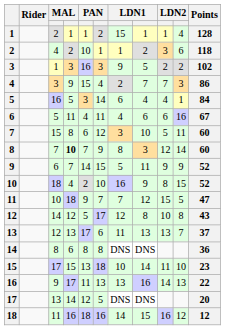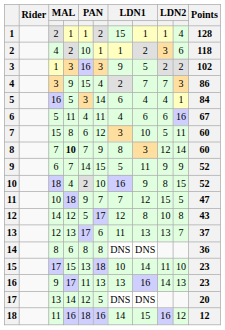 <table class="wikitable plainrowheaders" style="font-size:85%; text-align:center">
 <tr>
 <th rowspan=2 style="vertical-align:middle"></th>
 <th rowspan=2 style="vertical-align:middle">Rider</th>
 <th colspan=2>MAL<br></th>
 <th colspan=2>PAN<br></th>
 <th colspan=2>LDN1<br></th>
 <th colspan=2>LDN2<br></th>
 <th rowspan=2 style="vertical-align:middle">Points</th>
 </tr>
 <tr>
 <th></th>
 <th></th>
 <th></th>
 <th></th>
 <th></th>
 <th></th>
 <th></th>
 <th></th>
 </tr>
 <tr>
 <th>1</th>
 <td style="text-align:left"> </td>
 <td style="background:#DFDFDF;">2</td>
 <td style="background:#FFFFBF;">1</td>
 <td style="background:#FFFFBF;">1</td>
 <td style="background:#DFDFDF;">2</td>
 <td style="background:#dfffdf;">15</td>
 <td style="background:#FFFFBF;">1</td>
 <td style="background:#FFFFBF;">1</td>
 <td style="background:#dfffdf;">4</td>
 <th>128</th>
 </tr>
 <tr>
 <th>2</th>
 <td style="text-align:left"></td>
 <td style="background:#dfffdf;">4</td>
 <td style="background:#DFDFDF;">2</td>
 <td style="background:#dfffdf;">10</td>
 <td style="background:#FFFFBF;">1</td>
 <td style="background:#FFFFBF;">1</td>
 <td style="background:#DFDFDF;">2</td>
 <td style="background:#ffdf9f;">3</td>
 <td style="background:#dfffdf;">6</td>
 <th>118</th>
 </tr>
 <tr>
 <th>3</th>
 <td style="text-align:left"></td>
 <td style="background:#FFFFBF;">1</td>
 <td style="background:#ffdf9f;">3</td>
 <td style="background:#cfcfff;">16</td>
 <td style="background:#ffdf9f;">3</td>
 <td style="background:#dfffdf;">9</td>
 <td style="background:#dfffdf;">5</td>
 <td style="background:#DFDFDF;">2</td>
 <td style="background:#DFDFDF;">2</td>
 <th>102</th>
 </tr>
 <tr>
 <th>4</th>
 <td style="text-align:left"></td>
 <td style="background:#ffdf9f;">3</td>
 <td style="background:#dfffdf;">9</td>
 <td style="background:#dfffdf;">15</td>
 <td style="background:#dfffdf;">4</td>
 <td style="background:#DFDFDF;">2</td>
 <td style="background:#dfffdf;">7</td>
 <td style="background:#dfffdf;">7</td>
 <td style="background:#ffdf9f;">3</td>
 <th>86</th>
 </tr>
 <tr>
 <th>5</th>
 <td style="text-align:left"></td>
 <td style="background:#cfcfff;">16</td>
 <td style="background:#dfffdf;">5</td>
 <td style="background:#ffdf9f;">3</td>
 <td style="background:#dfffdf;">14</td>
 <td style="background:#dfffdf;">6</td>
 <td style="background:#dfffdf;">4</td>
 <td style="background:#dfffdf;">4</td>
 <td style="background:#FFFFBF;">1</td>
 <th>84</th>
 </tr>
 <tr>
 <th>6</th>
 <td style="text-align:left"></td>
 <td style="background:#dfffdf;">5</td>
 <td style="background:#dfffdf;">11</td>
 <td style="background:#dfffdf;">4</td>
 <td style="background:#dfffdf;">11</td>
 <td style="background:#dfffdf;">4</td>
 <td style="background:#dfffdf;">6</td>
 <td style="background:#dfffdf;">6</td>
 <td style="background:#cfcfff;">16</td>
 <th>67</th>
 </tr>
 <tr>
 <th>7</th>
 <td style="text-align:left"></td>
 <td style="background:#dfffdf;">15</td>
 <td style="background:#dfffdf;">8</td>
 <td style="background:#dfffdf;">6</td>
 <td style="background:#dfffdf;">12</td>
 <td style="background:#ffdf9f;">3</td>
 <td style="background:#dfffdf;">10</td>
 <td style="background:#dfffdf;">5</td>
 <td style="background:#dfffdf;">11</td>
 <th>60</th>
 </tr>
 <tr>
 <th>8</th>
 <td style="text-align:left"></td>
 <td style="background:#dfffdf;">7</td>
 <td style="background:#dfffdf;"><strong>10</strong></td>
 <td style="background:#dfffdf;">7</td>
 <td style="background:#dfffdf;">9</td>
 <td style="background:#dfffdf;">8</td>
 <td style="background:#ffdf9f;">3</td>
 <td style="background:#dfffdf;">12</td>
 <td style="background:#dfffdf;">14</td>
 <th>60</th>
 </tr>
 <tr>
 <th>9</th>
 <td style="text-align:left"></td>
 <td style="background:#dfffdf;">6</td>
 <td style="background:#dfffdf;">7</td>
 <td style="background:#dfffdf;">14</td>
 <td style="background:#dfffdf;">15</td>
 <td style="background:#dfffdf;">5</td>
 <td style="background:#dfffdf;">11</td>
 <td style="background:#dfffdf;">9</td>
 <td style="background:#dfffdf;">9</td>
 <th>52</th>
 </tr>
 <tr>
 <th>10</th>
 <td style="text-align:left"></td>
 <td style="background:#cfcfff;">18</td>
 <td style="background:#dfffdf;">4</td>
 <td style="background:#DFDFDF;">2</td>
 <td style="background:#dfffdf;">10</td>
 <td style="background:#cfcfff;">16</td>
 <td style="background:#dfffdf;">9</td>
 <td style="background:#dfffdf;">8</td>
 <td style="background:#dfffdf;">15</td>
 <th>52</th>
 </tr>
 <tr>
 <th>11</th>
 <td style="text-align:left"></td>
 <td style="background:#dfffdf;">10</td>
 <td style="background:#cfcfff;">18</td>
 <td style="background:#dfffdf;">9</td>
 <td style="background:#dfffdf;">7</td>
 <td style="background:#dfffdf;">7</td>
 <td style="background:#dfffdf;">12</td>
 <td style="background:#dfffdf;">15</td>
 <td style="background:#dfffdf;">5</td>
 <th>47</th>
 </tr>
 <tr>
 <th>12</th>
 <td style="text-align:left"></td>
 <td style="background:#dfffdf;">14</td>
 <td style="background:#dfffdf;">12</td>
 <td style="background:#dfffdf;">5</td>
 <td style="background:#cfcfff;">17</td>
 <td style="background:#dfffdf;">12</td>
 <td style="background:#dfffdf;">8</td>
 <td style="background:#dfffdf;">10</td>
 <td style="background:#dfffdf;">8</td>
 <th>43</th>
 </tr>
 <tr>
 <th>13</th>
 <td style="text-align:left"></td>
 <td style="background:#dfffdf;">12</td>
 <td style="background:#dfffdf;">13</td>
 <td style="background:#cfcfff;">17</td>
 <td style="background:#dfffdf;">6</td>
 <td style="background:#dfffdf;">11</td>
 <td style="background:#dfffdf;">13</td>
 <td style="background:#dfffdf;">13</td>
 <td style="background:#dfffdf;">7</td>
 <th>37</th>
 </tr>
 <tr>
 <th>14</th>
 <td style="text-align:left"></td>
 <td style="background:#dfffdf;">8</td>
 <td style="background:#dfffdf;">6</td>
 <td style="background:#dfffdf;">8</td>
 <td style="background:#dfffdf;">8</td>
 <td style="background:#ffffff;">DNS</td>
 <td style="background:#ffffff;">DNS</td>
 <td></td>
 <td></td>
 <th>36</th>
 </tr>
 <tr>
 <th>15</th>
 <td style="text-align:left"></td>
 <td style="background:#cfcfff;">17</td>
 <td style="background:#dfffdf;">15</td>
 <td style="background:#dfffdf;">13</td>
 <td style="background:#cfcfff;">18</td>
 <td style="background:#dfffdf;">10</td>
 <td style="background:#dfffdf;">14</td>
 <td style="background:#dfffdf;">11</td>
 <td style="background:#dfffdf;">10</td>
 <th>23</th>
 </tr>
 <tr>
 <th>16</th>
 <td style="text-align:left"></td>
 <td style="background:#dfffdf;">9</td>
 <td style="background:#cfcfff;">17</td>
 <td style="background:#dfffdf;">11</td>
 <td style="background:#dfffdf;">13</td>
 <td style="background:#dfffdf;">13</td>
 <td style="background:#cfcfff;">16</td>
 <td style="background:#dfffdf;">14</td>
 <td style="background:#dfffdf;">13</td>
-<th>22</th>
+<th>23</th>
 </tr>
 <tr>
 <th>17</th>
 <td style="text-align:left"></td>
 <td style="background:#dfffdf;">13</td>
 <td style="background:#dfffdf;">14</td>
 <td style="background:#dfffdf;">12</td>
 <td style="background:#dfffdf;">5</td>
 <td style="background:#ffffff;">DNS</td>
 <td style="background:#ffffff;">DNS</td>
 <td></td>
 <td></td>
 <th>20</th>
 </tr>
 <tr>
 <th>18</th>
 <td style="text-align:left"></td>
 <td style="background:#dfffdf;">11</td>
 <td style="background:#cfcfff;">16</td>
 <td style="background:#cfcfff;">18</td>
 <td style="background:#cfcfff;">16</td>
 <td style="background:#dfffdf;">14</td>
 <td style="background:#dfffdf;">15</td>
 <td style="background:#cfcfff;">16</td>
 <td style="background:#dfffdf;">12</td>
 <th>12</th>
 </tr>
 </table>
